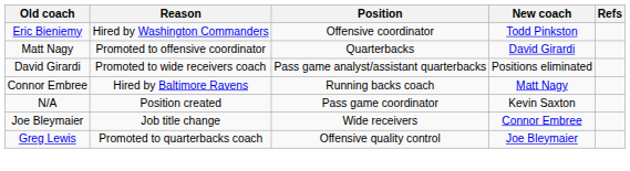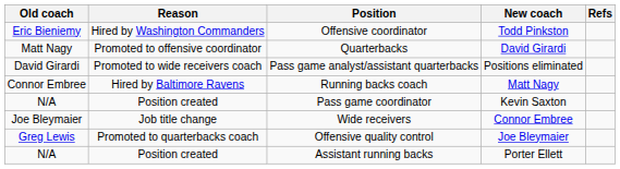 <table class="wikitable" style="text-align:center">
 <tr>
 <th>Old coach</th>
 <th>Reason</th>
 <th>Position</th>
 <th>New coach</th>
 <th>Refs</th>
 </tr>
 <tr>
 <td><a href='#'>Eric Bieniemy</a></td>
 <td>Hired by <a href='#'>Washington Commanders</a></td>
 <td>Offensive coordinator</td>
 <td><a href='#'>Todd Pinkston</a></td>
 <td></td>
 </tr>
 <tr>
 <td>Matt Nagy</td>
 <td>Promoted to offensive coordinator</td>
 <td>Quarterbacks</td>
 <td><a href='#'>David Girardi</a></td>
 <td></td>
 </tr>
 <tr>
 <td>David Girardi</td>
 <td>Promoted to wide receivers coach</td>
 <td>Pass game analyst/assistant quarterbacks</td>
 <td>Positions eliminated</td>
 <td></td>
 </tr>
 <tr>
 <td>Connor Embree</td>
 <td>Hired by <a href='#'>Baltimore Ravens</a></td>
 <td>Running backs coach</td>
 <td><a href='#'>Matt Nagy</a></td>
 <td></td>
 </tr>
 <tr>
 <td>N/A</td>
 <td>Position created</td>
 <td>Pass game coordinator</td>
 <td>Kevin Saxton</td>
 <td></td>
 </tr>
 <tr>
 <td>Joe Bleymaier</td>
 <td>Job title change</td>
 <td>Wide receivers</td>
 <td><a href='#'>Connor Embree</a></td>
 <td></td>
 </tr>
 <tr>
 <td><a href='#'>Greg Lewis</a></td>
 <td>Promoted to quarterbacks coach</td>
 <td>Offensive quality control</td>
 <td><a href='#'>Joe Bleymaier</a></td>
 <td></td>
 </tr>
+<tr>
+<td>N/A</td>
+<td>Position created</td>
+<td>Assistant running backs</td>
+<td>Porter Ellett</td>
+<td></td>
+</tr>
 </table>
